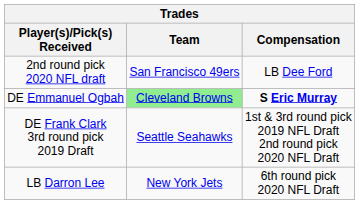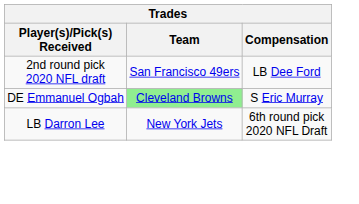 <table class="wikitable" style="text-align:center">
 <tr>
 <th colspan=3>Trades</th>
 </tr>
 <tr>
 <th>Player(s)/Pick(s)<br>Received</th>
 <th>Team</th>
 <th>Compensation</th>
 </tr>
 <tr>
 <td>2nd round pick<br><a href='#'>2020 NFL draft</a></td>
 <td><a href='#'>San Francisco 49ers</a></td>
 <td>LB <a href='#'>Dee Ford</a></td>
 </tr>
 <tr>
 <td>DE <a href='#'>Emmanuel Ogbah</a></td>
 <td style="background: lightgreen;"><a href='#'>Cleveland Browns</a></td>
-<td><strong>S <a href='#'>Eric Murray</a></strong></td>
-</tr>
-<tr>
-<td>DE <a href='#'>Frank Clark</a><br>3rd round pick<br>2019 Draft</td>
-<td><a href='#'>Seattle Seahawks</a></td>
-<td>1st & 3rd round pick<br>2019 NFL Draft<br>2nd round pick<br>2020 NFL Draft</td>
+<td>S <a href='#'>Eric Murray</a></td>
 </tr>
 <tr>
 <td>LB <a href='#'>Darron Lee</a></td>
 <td><a href='#'>New York Jets</a></td>
 <td>6th round pick<br>2020 NFL Draft</td>
 </tr>
 </table>
